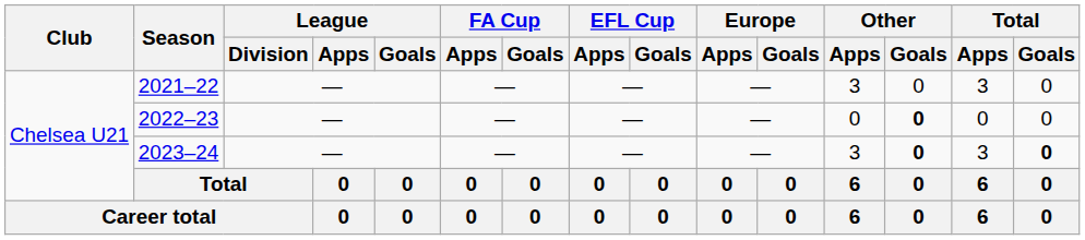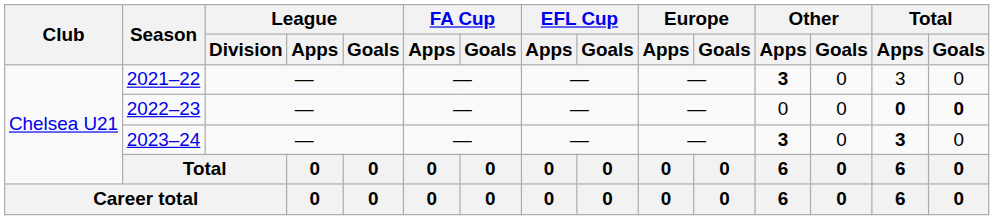 <table class=wikitable style=text-align:center>
 <tr>
 <th rowspan=2>Club</th>
 <th rowspan=2>Season</th>
 <th colspan=3>League</th>
 <th colspan=2><a href='#'>FA Cup</a></th>
 <th colspan=2><a href='#'>EFL Cup</a></th>
 <th colspan=2>Europe</th>
 <th colspan=2>Other</th>
 <th colspan=2>Total</th>
 </tr>
 <tr>
 <th>Division</th>
 <th>Apps</th>
 <th>Goals</th>
 <th>Apps</th>
 <th>Goals</th>
 <th>Apps</th>
 <th>Goals</th>
 <th>Apps</th>
 <th>Goals</th>
 <th>Apps</th>
 <th>Goals</th>
 <th>Apps</th>
 <th>Goals</th>
 </tr>
 <tr>
 <td rowspan="4"><a href='#'>Chelsea U21</a></td>
 <td><a href='#'>2021–22</a></td>
 <td colspan=3>—</td>
 <td colspan=2>—</td>
 <td colspan=2>—</td>
 <td colspan=2>—</td>
-<td>3</td>
+<td><strong>3</strong></td>
 <td>0</td>
 <td>3</td>
 <td>0</td>
 </tr>
 <tr>
 <td><a href='#'>2022–23</a></td>
 <td colspan=3>—</td>
 <td colspan=2>—</td>
 <td colspan=2>—</td>
 <td colspan=2>—</td>
 <td>0</td>
+<td>0</td>
 <td><strong>0</strong></td>
-<td>0</td>
-<td>0</td>
+<td><strong>0</strong></td>
 </tr>
 <tr>
 <td><a href='#'>2023–24</a></td>
 <td colspan=3>—</td>
 <td colspan=2>—</td>
 <td colspan=2>—</td>
 <td colspan=2>—</td>
-<td>3</td>
-<td><strong>0</strong></td>
-<td>3</td>
-<td><strong>0</strong></td>
+<td><strong>3</strong></td>
+<td>0</td>
+<td><strong>3</strong></td>
+<td>0</td>
 </tr>
 <tr>
 <th colspan=2>Total</th>
 <th>0</th>
 <th>0</th>
 <th>0</th>
 <th>0</th>
 <th>0</th>
 <th>0</th>
 <th>0</th>
 <th>0</th>
 <th>6</th>
 <th>0</th>
 <th>6</th>
 <th>0</th>
 </tr>
 <tr>
 <th colspan=3>Career total</th>
 <th>0</th>
 <th>0</th>
 <th>0</th>
 <th>0</th>
 <th>0</th>
 <th>0</th>
 <th>0</th>
 <th>0</th>
 <th>6</th>
 <th>0</th>
 <th>6</th>
 <th>0</th>
 </tr>
 </table>
